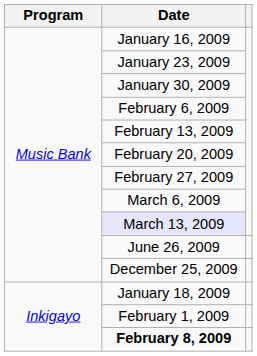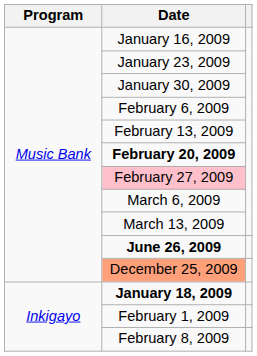 <table class="wikitable" style="text-align:center">
 <tr>
 <th width="100">Program</th>
 <th width="150">Date</th>
 <th class="unsortable"></th>
 </tr>
 <tr>
 <td rowspan="11"><a href='#'><em>Music Bank</em></a></td>
 <td>January 16, 2009</td>
 <td rowspan="9"></td>
 </tr>
 <tr>
 <td>January 23, 2009</td>
 </tr>
 <tr>
 <td>January 30, 2009</td>
 </tr>
 <tr>
 <td>February 6, 2009</td>
 </tr>
 <tr>
 <td>February 13, 2009</td>
 </tr>
 <tr>
-<td>February 20, 2009</td>
+<td><strong>February 20, 2009</strong></td>
 </tr>
 <tr>
-<td>February 27, 2009</td>
+<td style="background: pink;">February 27, 2009</td>
 </tr>
 <tr>
 <td>March 6, 2009</td>
 </tr>
 <tr>
-<td style="background: lavender;">March 13, 2009</td>
+<td>March 13, 2009</td>
 </tr>
 <tr>
-<td>June 26, 2009</td>
+<td><strong>June 26, 2009</strong></td>
 <td></td>
 </tr>
 <tr>
-<td>December 25, 2009</td>
+<td style="background: lightsalmon;">December 25, 2009</td>
 <td></td>
 </tr>
 <tr>
 <td rowspan="3"><em><a href='#'>Inkigayo</a></em></td>
-<td>January 18, 2009</td>
+<td><strong>January 18, 2009</strong></td>
 <td></td>
 </tr>
 <tr>
 <td>February 1, 2009</td>
 <td></td>
 </tr>
 <tr>
-<td><strong>February 8, 2009</strong></td>
+<td>February 8, 2009</td>
 <td></td>
 </tr>
 </table>
